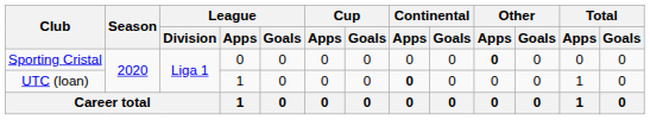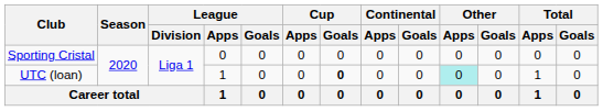 <table class="wikitable" style="text-align: center">
 <tr>
 <th rowspan="2">Club</th>
 <th rowspan="2">Season</th>
 <th colspan="3">League</th>
 <th colspan="2">Cup</th>
 <th colspan="2">Continental</th>
 <th colspan="2">Other</th>
 <th colspan="2">Total</th>
 </tr>
 <tr>
 <th>Division</th>
 <th>Apps</th>
 <th>Goals</th>
 <th>Apps</th>
 <th>Goals</th>
 <th>Apps</th>
 <th>Goals</th>
 <th>Apps</th>
 <th>Goals</th>
 <th>Apps</th>
 <th>Goals</th>
 </tr>
 <tr>
 <td><a href='#'>Sporting Cristal</a></td>
 <td rowspan="2"><a href='#'>2020</a></td>
 <td rowspan="2"><a href='#'>Liga 1</a></td>
 <td>0</td>
 <td>0</td>
 <td>0</td>
 <td>0</td>
 <td>0</td>
 <td>0</td>
-<td><strong>0</strong></td>
+<td>0</td>
 <td>0</td>
 <td>0</td>
 <td>0</td>
 </tr>
 <tr>
 <td><a href='#'>UTC</a> (loan)</td>
 <td>1</td>
 <td>0</td>
 <td>0</td>
-<td>0</td>
 <td><strong>0</strong></td>
 <td>0</td>
 <td>0</td>
+<td style="background: paleturquoise;">0</td>
 <td>0</td>
 <td>1</td>
 <td>0</td>
 </tr>
 <tr>
 <th colspan="3"><strong>Career total</strong></th>
 <th>1</th>
 <th>0</th>
 <th>0</th>
 <th>0</th>
 <th>0</th>
 <th>0</th>
 <th>0</th>
 <th>0</th>
 <th>1</th>
 <th>0</th>
 </tr>
 </table>
